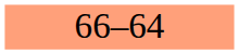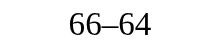 <table style="text-align:center">
 <tr>
 <th width=200></th>
 <th width=100></th>
 <th width=200></th>
 </tr>
 <tr>
 <td align=right><strong></strong></td>
-<td align=center style="background: lightsalmon;">66–64</td>
+<td align=center>66–64</td>
 <td align=left></td>
 </tr>
 </table>
